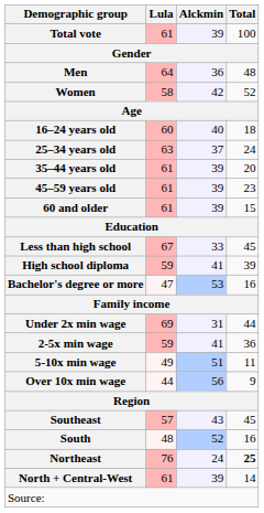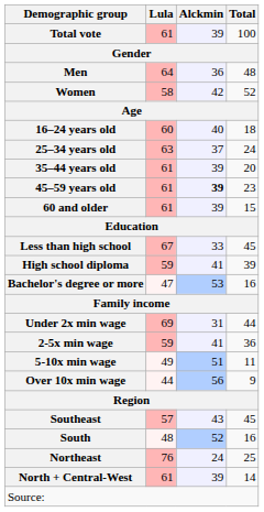 <table class="wikitable plainrowheaders" style="text-align:right;">
 <tr>
 <th scope="col">Demographic group</th>
 <th>Lula</th>
 <th>Alckmin</th>
 <th>Total</th>
 </tr>
 <tr>
 <th scope="row">Total vote</th>
 <td style="background:#ffb6b6;">61</td>
 <td style="background:#f0f0ff;">39</td>
 <td>100</td>
 </tr>
 <tr>
 <th colspan=5>Gender</th>
 </tr>
 <tr>
 <th scope="row">Men</th>
 <td style="background:#ffb6b6;">64</td>
 <td style="background:#f0f0ff;">36</td>
 <td>48</td>
 </tr>
 <tr>
 <th scope="row">Women</th>
 <td style="background:#ffb6b6;">58</td>
 <td style="background:#f0f0ff;">42</td>
 <td>52</td>
 </tr>
 <tr>
 <th colspan=5>Age</th>
 </tr>
 <tr>
 <th scope="row">16–24 years old</th>
 <td style="background:#ffb6b6;">60</td>
 <td style="background:#f0f0ff;">40</td>
 <td>18</td>
 </tr>
 <tr>
 <th scope="row">25–34 years old</th>
 <td style="background:#ffb6b6;">63</td>
 <td style="background:#f0f0ff;">37</td>
 <td>24</td>
 </tr>
 <tr>
 <th scope="row">35–44 years old</th>
 <td style="background:#ffb6b6;">61</td>
 <td style="background:#f0f0ff;">39</td>
 <td>20</td>
 </tr>
 <tr>
 <th scope="row">45–59 years old</th>
 <td style="background:#ffb6b6;">61</td>
-<td style="background:#f0f0ff;">39</td>
+<td style="background:#f0f0ff;"><strong>39</strong></td>
 <td>23</td>
 </tr>
 <tr>
 <th scope="row">60 and older</th>
 <td style="background:#ffb6b6;">61</td>
 <td style="background:#f0f0ff;">39</td>
 <td>15</td>
 </tr>
 <tr>
 <th colspan=5>Education</th>
 </tr>
 <tr>
 <th scope="row">Less than high school</th>
 <td style="background:#ffb6b6;">67</td>
 <td style="background:#f0f0ff;">33</td>
 <td>45</td>
 </tr>
 <tr>
 <th scope="row">High school diploma</th>
 <td style="background:#ffb6b6;">59</td>
 <td style="background:#f0f0ff;">41</td>
 <td>39</td>
 </tr>
 <tr>
 <th scope="row">Bachelor's degree or more</th>
 <td style="background:#fff3f3;">47</td>
 <td style="background:#b0ceff;">53</td>
 <td>16</td>
 </tr>
 <tr>
 <th colspan=5>Family income</th>
 </tr>
 <tr>
 <th scope="row">Under 2x min wage</th>
 <td style="background:#ffb6b6;">69</td>
 <td style="background:#f0f0ff;">31</td>
 <td>44</td>
 </tr>
 <tr>
 <th scope="row">2-5x min wage</th>
 <td style="background:#ffb6b6;">59</td>
 <td style="background:#f0f0ff;">41</td>
 <td>36</td>
 </tr>
 <tr>
 <th scope="row">5-10x min wage</th>
 <td style="background:#fff3f3;">49</td>
 <td style="background:#b0ceff;">51</td>
 <td>11</td>
 </tr>
 <tr>
 <th scope="row">Over 10x min wage</th>
 <td style="background:#fff3f3;">44</td>
 <td style="background:#b0ceff;">56</td>
 <td>9</td>
 </tr>
 <tr>
 <th colspan=5>Region</th>
 </tr>
 <tr>
 <th scope="row">Southeast</th>
 <td style="background:#ffb6b6;">57</td>
 <td style="background:#f0f0ff;">43</td>
 <td>45</td>
 </tr>
 <tr>
 <th scope="row">South</th>
 <td style="background:#fff3f3;">48</td>
 <td style="background:#b0ceff;">52</td>
 <td>16</td>
 </tr>
 <tr>
 <th scope="row">Northeast</th>
 <td style="background:#ffb6b6;">76</td>
 <td style="background:#f0f0ff;">24</td>
-<td><strong>25</strong></td>
+<td>25</td>
 </tr>
 <tr>
 <th scope="row">North + Central-West</th>
 <td style="background:#ffb6b6;">61</td>
 <td style="background:#f0f0ff;">39</td>
 <td>14</td>
 </tr>
 <tr>
 <td align=left colspan=4>Source: </td>
 </tr>
 </table>
